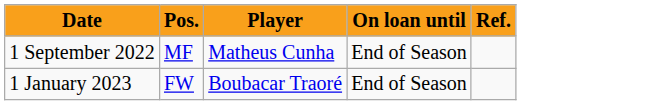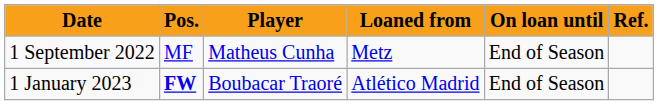 <table class="wikitable plainrowheaders sortable">
 <tr>
 <th style="background:#F9A01B; color:#000000; ">Date</th>
 <th style="background:#F9A01B; color:#000000; ">Pos.</th>
 <th style="background:#F9A01B; color:#000000; ">Player</th>
+<th style="background:#F9A01B; color:#000000; ">Loaned from</th>
 <th style="background:#F9A01B; color:#000000; ">On loan until</th>
 <th style="background:#F9A01B; color:#000000; ">Ref.</th>
 </tr>
 <tr>
 <td>1 September 2022</td>
 <td><a href='#'>MF</a></td>
 <td> <a href='#'>Matheus Cunha</a></td>
+<td> <a href='#'>Metz</a></td>
 <td>End of Season</td>
 <td></td>
 </tr>
 <tr>
 <td>1 January 2023</td>
-<td><a href='#'>FW</a></td>
+<td><strong><a href='#'>FW</a></strong></td>
 <td> <a href='#'>Boubacar Traoré</a></td>
+<td> <a href='#'>Atlético Madrid</a></td>
 <td>End of Season</td>
 <td></td>
 </tr>
 </table>
